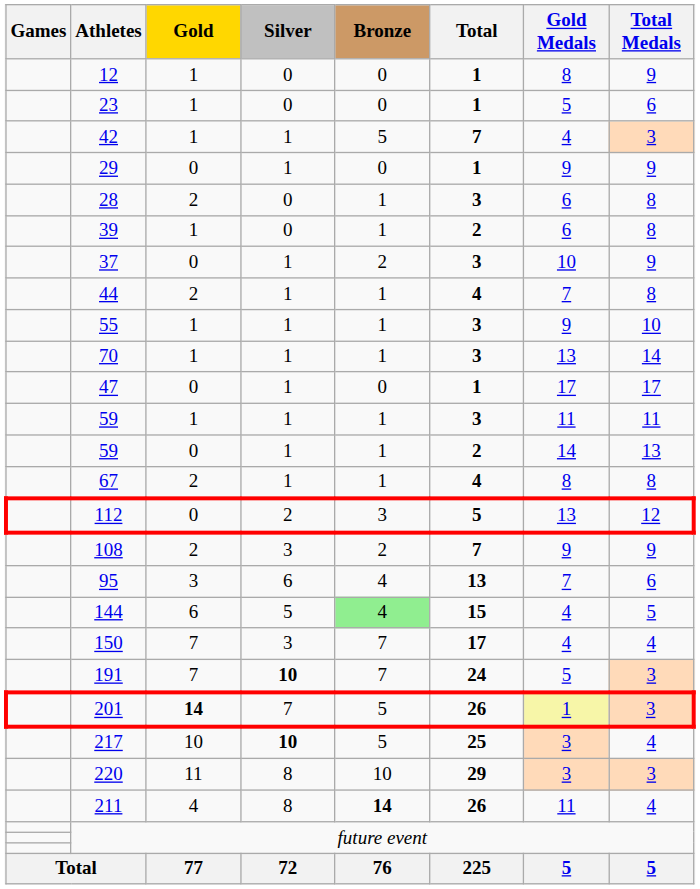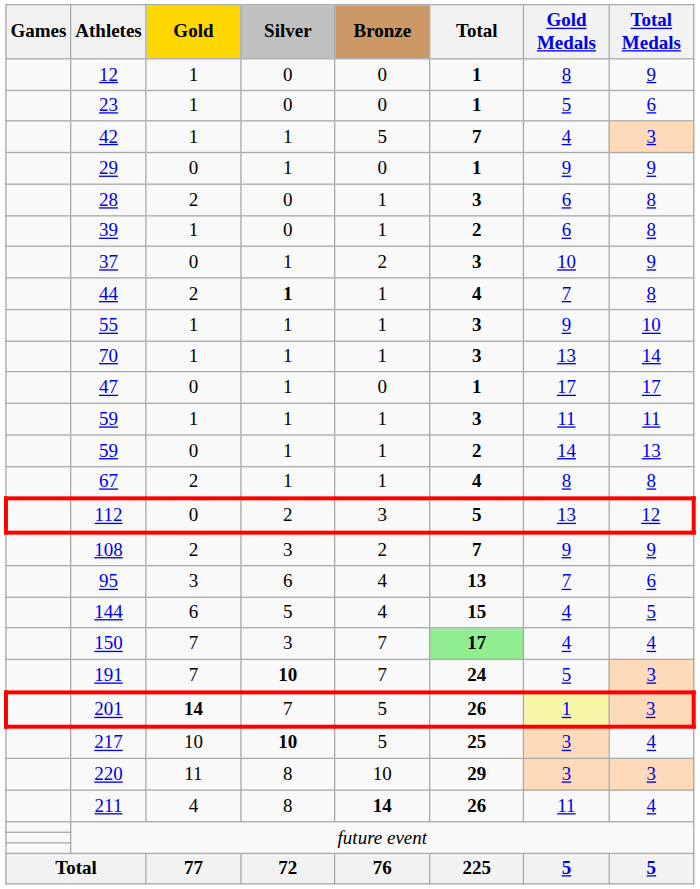 <table class="wikitable sortable" style="text-align:center; font-size:90%;">
 <tr>
 <th>Games</th>
 <th>Athletes</th>
 <th style="background:gold; width:4.5em; font-weight:bold;">Gold</th>
 <th style="background:silver; width:4.5em; font-weight:bold;">Silver</th>
 <th style="background:#cc9966; width:4.5em; font-weight:bold;">Bronze</th>
 <th style="width:4.5em; font-weight:bold;">Total</th>
 <th style="width:4em; font-weight:bold;"><a href='#'>Gold Medals</a></th>
 <th style="width:4em; font-weight:bold;"><a href='#'>Total Medals</a></th>
 </tr>
 <tr>
 <td align=left></td>
 <td><a href='#'>12</a></td>
 <td>1</td>
 <td>0</td>
 <td>0</td>
 <td><strong>1</strong></td>
 <td><a href='#'>8</a></td>
 <td><a href='#'>9</a></td>
 </tr>
 <tr>
 <td align=left></td>
 <td><a href='#'>23</a></td>
 <td>1</td>
 <td>0</td>
 <td>0</td>
 <td><strong>1</strong></td>
 <td><a href='#'>5</a></td>
 <td><a href='#'>6</a></td>
 </tr>
 <tr>
 <td align=left></td>
 <td><a href='#'>42</a></td>
 <td>1</td>
 <td>1</td>
 <td>5</td>
 <td><strong>7</strong></td>
 <td><a href='#'>4</a></td>
 <td bgcolor=ffdab9><a href='#'>3</a></td>
 </tr>
 <tr>
 <td align=left></td>
 <td><a href='#'>29</a></td>
 <td>0</td>
 <td>1</td>
 <td>0</td>
 <td><strong>1</strong></td>
 <td><a href='#'>9</a></td>
 <td><a href='#'>9</a></td>
 </tr>
 <tr>
 <td align=left></td>
 <td><a href='#'>28</a></td>
 <td>2</td>
 <td>0</td>
 <td>1</td>
 <td><strong>3</strong></td>
 <td><a href='#'>6</a></td>
 <td><a href='#'>8</a></td>
 </tr>
 <tr>
 <td align=left></td>
 <td><a href='#'>39</a></td>
 <td>1</td>
 <td>0</td>
 <td>1</td>
 <td><strong>2</strong></td>
 <td><a href='#'>6</a></td>
 <td><a href='#'>8</a></td>
 </tr>
 <tr>
 <td align=left></td>
 <td><a href='#'>37</a></td>
 <td>0</td>
 <td>1</td>
 <td>2</td>
 <td><strong>3</strong></td>
 <td><a href='#'>10</a></td>
 <td><a href='#'>9</a></td>
 </tr>
 <tr>
 <td align=left></td>
 <td><a href='#'>44</a></td>
 <td>2</td>
-<td>1</td>
+<td><strong>1</strong></td>
 <td>1</td>
 <td><strong>4</strong></td>
 <td><a href='#'>7</a></td>
 <td><a href='#'>8</a></td>
 </tr>
 <tr>
 <td align=left></td>
 <td><a href='#'>55</a></td>
 <td>1</td>
 <td>1</td>
 <td>1</td>
 <td><strong>3</strong></td>
 <td><a href='#'>9</a></td>
 <td><a href='#'>10</a></td>
 </tr>
 <tr>
 <td align=left></td>
 <td><a href='#'>70</a></td>
 <td>1</td>
 <td>1</td>
 <td>1</td>
 <td><strong>3</strong></td>
 <td><a href='#'>13</a></td>
 <td><a href='#'>14</a></td>
 </tr>
 <tr>
 <td align=left></td>
 <td><a href='#'>47</a></td>
 <td>0</td>
 <td>1</td>
 <td>0</td>
 <td><strong>1</strong></td>
 <td><a href='#'>17</a></td>
 <td><a href='#'>17</a></td>
 </tr>
 <tr>
 <td align=left></td>
 <td><a href='#'>59</a></td>
 <td>1</td>
 <td>1</td>
 <td>1</td>
 <td><strong>3</strong></td>
 <td><a href='#'>11</a></td>
 <td><a href='#'>11</a></td>
 </tr>
 <tr>
 <td align=left></td>
 <td><a href='#'>59</a></td>
 <td>0</td>
 <td>1</td>
 <td>1</td>
 <td><strong>2</strong></td>
 <td><a href='#'>14</a></td>
 <td><a href='#'>13</a></td>
 </tr>
 <tr>
 <td align=left></td>
 <td><a href='#'>67</a></td>
 <td>2</td>
 <td>1</td>
 <td>1</td>
 <td><strong>4</strong></td>
 <td><a href='#'>8</a></td>
 <td><a href='#'>8</a></td>
 </tr>
 <tr style="border: 3px solid red">
 <td align=left></td>
 <td><a href='#'>112</a></td>
 <td>0</td>
 <td>2</td>
 <td>3</td>
 <td><strong>5</strong></td>
 <td><a href='#'>13</a></td>
 <td><a href='#'>12</a></td>
 </tr>
 <tr>
 <td align=left></td>
 <td><a href='#'>108</a></td>
 <td>2</td>
 <td>3</td>
 <td>2</td>
 <td><strong>7</strong></td>
 <td><a href='#'>9</a></td>
 <td><a href='#'>9</a></td>
 </tr>
 <tr>
 <td align=left></td>
 <td><a href='#'>95</a></td>
 <td>3</td>
 <td>6</td>
 <td>4</td>
 <td><strong>13</strong></td>
 <td><a href='#'>7</a></td>
 <td><a href='#'>6</a></td>
 </tr>
 <tr>
 <td align=left></td>
 <td><a href='#'>144</a></td>
 <td>6</td>
 <td>5</td>
-<td style="background: lightgreen;">4</td>
+<td>4</td>
 <td><strong>15</strong></td>
 <td><a href='#'>4</a></td>
 <td><a href='#'>5</a></td>
 </tr>
 <tr>
 <td align=left></td>
 <td><a href='#'>150</a></td>
 <td>7</td>
 <td>3</td>
 <td>7</td>
-<td><strong>17</strong></td>
+<td style="background: lightgreen;"><strong>17</strong></td>
 <td><a href='#'>4</a></td>
 <td><a href='#'>4</a></td>
 </tr>
 <tr>
 <td align=left></td>
 <td><a href='#'>191</a></td>
 <td>7</td>
 <td><strong>10</strong></td>
 <td>7</td>
 <td><strong>24</strong></td>
 <td><a href='#'>5</a></td>
 <td bgcolor=ffdab9><a href='#'>3</a></td>
 </tr>
 <tr style="border: 3px solid red">
 <td align=left></td>
 <td><a href='#'>201</a></td>
 <td><strong>14</strong></td>
 <td>7</td>
 <td>5</td>
 <td><strong>26</strong></td>
 <td bgcolor=F7F6A8><a href='#'>1</a></td>
 <td bgcolor=ffdab9><a href='#'>3</a></td>
 </tr>
 <tr>
 <td align=left></td>
 <td><a href='#'>217</a></td>
 <td>10</td>
 <td><strong>10</strong></td>
 <td>5</td>
 <td><strong>25</strong></td>
 <td bgcolor=ffdab9><a href='#'>3</a></td>
 <td><a href='#'>4</a></td>
 </tr>
 <tr>
 <td align=left></td>
 <td><a href='#'>220</a></td>
 <td>11</td>
 <td>8</td>
 <td>10</td>
 <td><strong>29</strong></td>
 <td bgcolor=ffdab9><a href='#'>3</a></td>
 <td bgcolor=ffdab9><a href='#'>3</a></td>
 </tr>
 <tr>
 <td align=left></td>
 <td><a href='#'>211</a></td>
 <td>4</td>
 <td>8</td>
 <td><strong>14</strong></td>
 <td><strong>26</strong></td>
 <td><a href='#'>11</a></td>
 <td><a href='#'>4</a></td>
 </tr>
 <tr>
 <td align=left></td>
 <td rowspan="3"; colspan=7><em>future event</em></td>
 </tr>
 <tr>
 <td align=left></td>
 </tr>
 <tr>
 <td align=left></td>
 </tr>
 <tr>
 <th colspan=2>Total</th>
 <th>77</th>
 <th>72</th>
 <th>76</th>
 <th>225</th>
 <th><a href='#'>5</a></th>
 <th><a href='#'>5</a></th>
 </tr>
 </table>
